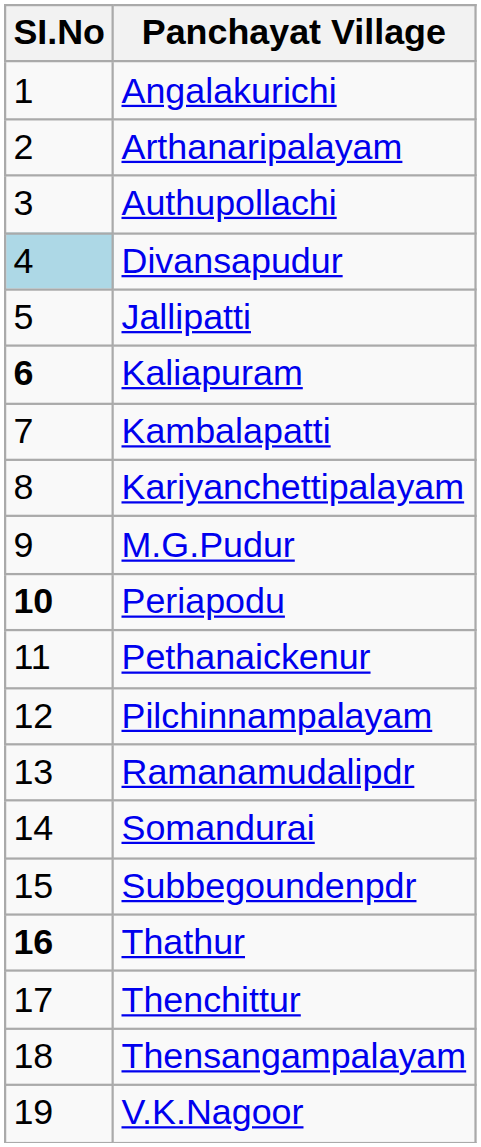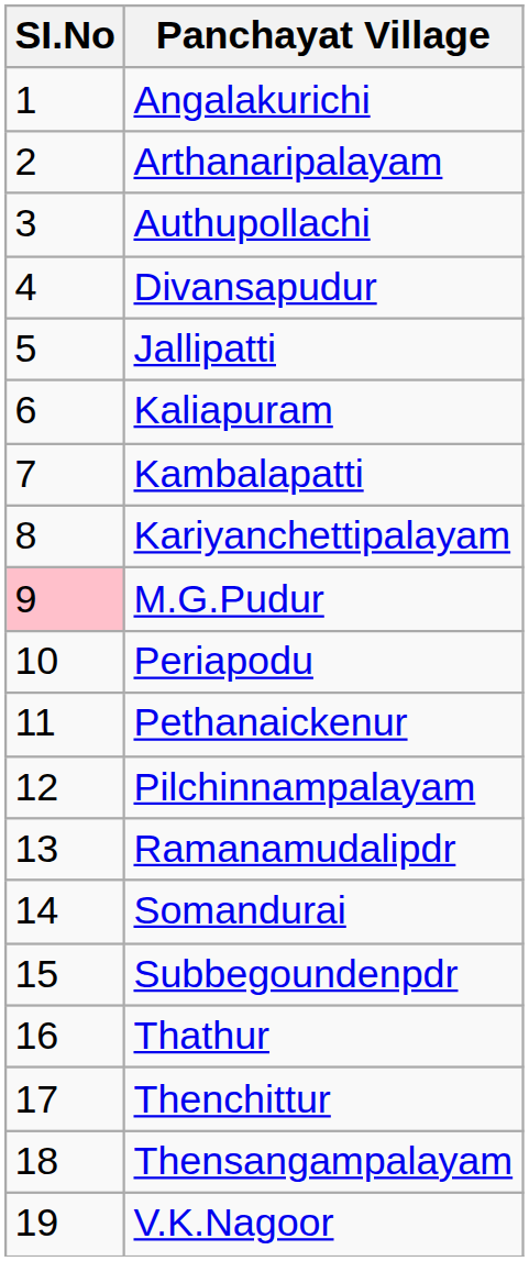 <table class="wikitable sortable">
 <tr>
 <th>SI.No</th>
 <th>Panchayat Village</th>
 </tr>
 <tr>
 <td>1</td>
 <td><a href='#'>Angalakurichi</a></td>
 </tr>
 <tr>
 <td>2</td>
 <td><a href='#'>Arthanaripalayam</a></td>
 </tr>
 <tr>
 <td>3</td>
 <td><a href='#'>Authupollachi</a></td>
 </tr>
 <tr>
-<td style="background: lightblue;">4</td>
+<td>4</td>
 <td><a href='#'>Divansapudur</a></td>
 </tr>
 <tr>
 <td>5</td>
 <td><a href='#'>Jallipatti</a></td>
 </tr>
 <tr>
-<td><strong>6</strong></td>
+<td>6</td>
 <td><a href='#'>Kaliapuram</a></td>
 </tr>
 <tr>
 <td>7</td>
 <td><a href='#'>Kambalapatti</a></td>
 </tr>
 <tr>
 <td>8</td>
 <td><a href='#'>Kariyanchettipalayam</a></td>
 </tr>
 <tr>
-<td>9</td>
+<td style="background: pink;">9</td>
 <td><a href='#'>M.G.Pudur</a></td>
 </tr>
 <tr>
-<td><strong>10</strong></td>
+<td>10</td>
 <td><a href='#'>Periapodu</a></td>
 </tr>
 <tr>
 <td>11</td>
 <td><a href='#'>Pethanaickenur</a></td>
 </tr>
 <tr>
 <td>12</td>
 <td><a href='#'>Pilchinnampalayam</a></td>
 </tr>
 <tr>
 <td>13</td>
 <td><a href='#'>Ramanamudalipdr</a></td>
 </tr>
 <tr>
 <td>14</td>
 <td><a href='#'>Somandurai</a></td>
 </tr>
 <tr>
 <td>15</td>
 <td><a href='#'>Subbegoundenpdr</a></td>
 </tr>
 <tr>
-<td><strong>16</strong></td>
+<td>16</td>
 <td><a href='#'>Thathur</a></td>
 </tr>
 <tr>
 <td>17</td>
 <td><a href='#'>Thenchittur</a></td>
 </tr>
 <tr>
 <td>18</td>
 <td><a href='#'>Thensangampalayam</a></td>
 </tr>
 <tr>
 <td>19</td>
 <td><a href='#'>V.K.Nagoor</a></td>
 </tr>
 </table>
